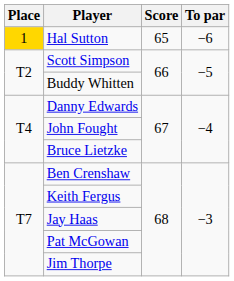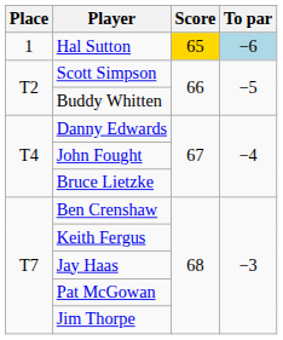 <table class="wikitable">
 <tr>
 <th>Place</th>
 <th>Player</th>
 <th>Score</th>
 <th>To par</th>
 </tr>
 <tr>
-<td align=center style="background: gold;">1</td>
+<td align=center>1</td>
 <td> <a href='#'>Hal Sutton</a></td>
-<td align="center">65</td>
-<td align=center>−6</td>
+<td align="center" style="background: gold;">65</td>
+<td align=center style="background: lightblue;">−6</td>
 </tr>
 <tr>
 <td rowspan=2 align="center">T2</td>
 <td> <a href='#'>Scott Simpson</a></td>
 <td rowspan=2 align="center">66</td>
 <td rowspan=2 align="center">−5</td>
 </tr>
 <tr>
 <td> Buddy Whitten</td>
 </tr>
 <tr>
 <td rowspan=3 align="center">T4</td>
 <td> <a href='#'>Danny Edwards</a></td>
 <td rowspan=3 align="center">67</td>
 <td rowspan=3 align="center">−4</td>
 </tr>
 <tr>
 <td> <a href='#'>John Fought</a></td>
 </tr>
 <tr>
 <td> <a href='#'>Bruce Lietzke</a></td>
 </tr>
 <tr>
 <td rowspan=5 align="center">T7</td>
 <td> <a href='#'>Ben Crenshaw</a></td>
 <td rowspan=5 align="center">68</td>
 <td rowspan=5 align="center">−3</td>
 </tr>
 <tr>
 <td> <a href='#'>Keith Fergus</a></td>
 </tr>
 <tr>
 <td> <a href='#'>Jay Haas</a></td>
 </tr>
 <tr>
 <td> <a href='#'>Pat McGowan</a></td>
 </tr>
 <tr>
 <td> <a href='#'>Jim Thorpe</a></td>
 </tr>
 </table>
